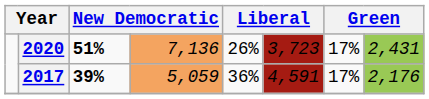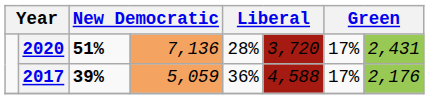 <table class="wikitable" style="float:right; width:400; font-size:90%; margin-left:1em;">
 <tr>
 <th colspan="2" scope="col">Year</th>
 <th colspan="2" scope="col"><a href='#'>New Democratic</a></th>
 <th colspan="2" scope="col"><a href='#'>Liberal</a></th>
 <th colspan="2" scope="col"><a href='#'>Green</a></th>
 </tr>
 <tr>
 <td rowspan="2" style="width: 0.25em; background-color: "></td>
 <th><a href='#'>2020</a></th>
 <td><strong>51%</strong></td>
 <td style="text-align:right; background:#F4A460;"><em>7,136</em></td>
-<td><span> 26%</span></td>
-<td style="text-align:right; background:#A51B12;"><span> <em>3,723</em></span></td>
+<td><span> 28%</span></td>
+<td style="text-align:right; background:#A51B12;"><span> <em>3,720</em></span></td>
 <td>17%</td>
 <td style="text-align:right; background:#99C955;"><em>2,431</em></td>
 </tr>
 <tr>
 <th><a href='#'>2017</a></th>
 <td><strong>39%</strong></td>
 <td style="text-align:right; background:#F4A460;"><em>5,059</em></td>
 <td><span> 36%</span></td>
-<td style="text-align:right; background:#A51B12;"><span> <em>4,591</em></span></td>
+<td style="text-align:right; background:#A51B12;"><span> <em>4,588</em></span></td>
 <td>17%</td>
 <td style="text-align:right; background:#99C955;"><em>2,176</em></td>
 </tr>
 <tr>
 </tr>
 </table>
